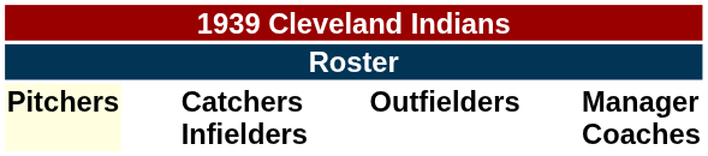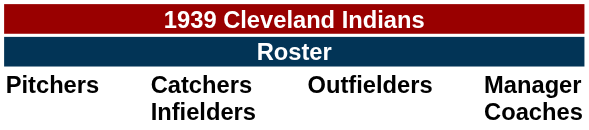 <table class="toccolours" style="font-size: 95%;">
 <tr>
 <th colspan="10" style="background-color: #990000; color: white; text-align: center;">1939 Cleveland Indians</th>
 </tr>
 <tr>
 <td colspan="10" style="background-color: #023456; color: white; text-align: center;"><strong>Roster</strong></td>
 </tr>
 <tr>
-<td valign="top" style="background: lightyellow;"><strong>Pitchers</strong><br>             </td>
+<td valign="top"><strong>Pitchers</strong><br>             </td>
 <td width="25px"></td>
 <td valign="top"><strong>Catchers</strong><br>   <strong>Infielders</strong>         </td>
 <td width="25px"></td>
 <td valign="top"><strong>Outfielders</strong><br>     </td>
 <td width="25px"></td>
 <td valign="top"><strong>Manager</strong><br> <strong>Coaches</strong>   </td>
 </tr>
 </table>
